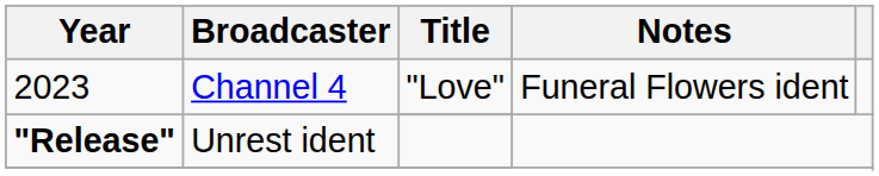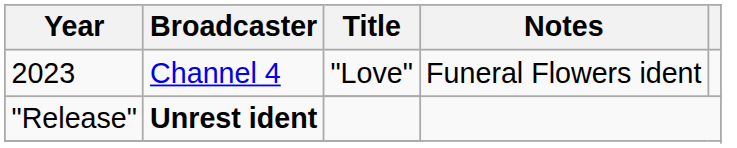 <table class="wikitable style="text-align:center;">
 <tr>
 <th scope="col">Year</th>
 <th scope="col">Broadcaster</th>
 <th scope="col">Title</th>
 <th scope="col">Notes</th>
 <th scope="col" class="unsortable"></th>
 </tr>
 <tr>
 <td rowspan="2">2023</td>
 <td rowspan="2"><a href='#'>Channel 4</a></td>
 <td>"Love"</td>
 <td>Funeral Flowers ident</td>
 <td style="text-align: center;"></td>
 </tr>
 <tr>
 </tr>
 <tr>
-<td><strong>"Release"</strong></td>
-<td>Unrest ident</td>
+<td>"Release"</td>
+<td><strong>Unrest ident</strong></td>
 <td style="text-align: center;"></td>
 </tr>
 <tr>
 </tr>
 </table>
